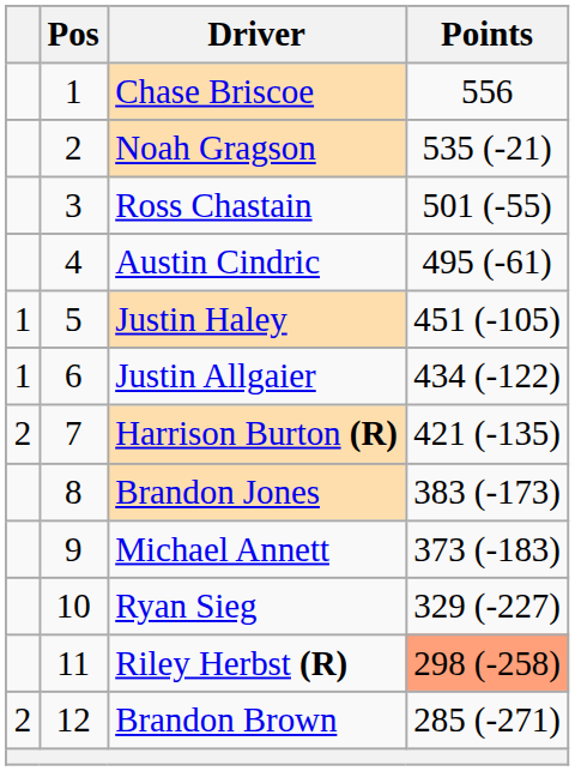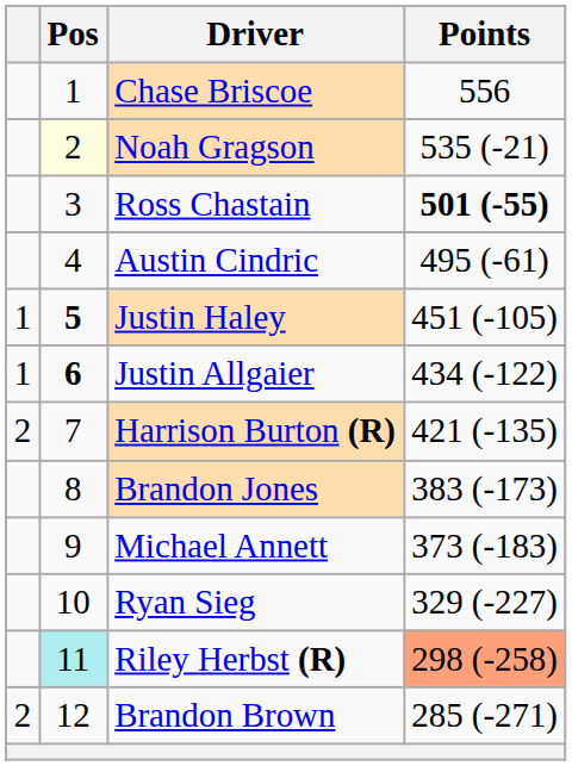 <table class="wikitable" style="font-size: 95%;">
 <tr>
 <th></th>
 <th>Pos</th>
 <th>Driver</th>
 <th>Points</th>
 </tr>
 <tr>
 <td align="left"></td>
 <td style="text-align:center;">1</td>
 <td style="background:#FFDEAD;"><a href='#'>Chase Briscoe</a></td>
 <td style="text-align:center;">556</td>
 </tr>
 <tr>
 <td align="left"></td>
-<td style="text-align:center;">2</td>
+<td style="background: lightyellow; text-align:center;">2</td>
 <td style="background:#FFDEAD;"><a href='#'>Noah Gragson</a></td>
 <td style="text-align:center;">535 (-21)</td>
 </tr>
 <tr>
 <td align="left"></td>
 <td style="text-align:center;">3</td>
 <td><a href='#'>Ross Chastain</a></td>
-<td style="text-align:center;">501 (-55)</td>
+<td style="text-align:center;"><strong>501 (-55)</strong></td>
 </tr>
 <tr>
 <td align="left"></td>
 <td style="text-align:center;">4</td>
 <td><a href='#'>Austin Cindric</a></td>
 <td style="text-align:center;">495 (-61)</td>
 </tr>
 <tr>
 <td align="left"> 1</td>
-<td style="text-align:center;">5</td>
+<td style="text-align:center;"><strong>5</strong></td>
 <td style="background:#FFDEAD;"><a href='#'>Justin Haley</a></td>
 <td style="text-align:center;">451 (-105)</td>
 </tr>
 <tr>
 <td align="left"> 1</td>
-<td style="text-align:center;">6</td>
+<td style="text-align:center;"><strong>6</strong></td>
 <td><a href='#'>Justin Allgaier</a></td>
 <td style="text-align:center;">434 (-122)</td>
 </tr>
 <tr>
 <td align="left"> 2</td>
 <td style="text-align:center;">7</td>
 <td style="background:#FFDEAD;"><a href='#'>Harrison Burton</a> <strong>(R)</strong></td>
 <td style="text-align:center;">421 (-135)</td>
 </tr>
 <tr>
 <td align="left"></td>
 <td style="text-align:center;">8</td>
 <td style="background:#FFDEAD;"><a href='#'>Brandon Jones</a></td>
 <td style="text-align:center;">383 (-173)</td>
 </tr>
 <tr>
 <td align="left"></td>
 <td style="text-align:center;">9</td>
 <td><a href='#'>Michael Annett</a></td>
 <td style="text-align:center;">373 (-183)</td>
 </tr>
 <tr>
 <td align="left"></td>
 <td style="text-align:center;">10</td>
 <td><a href='#'>Ryan Sieg</a></td>
 <td style="text-align:center;">329 (-227)</td>
 </tr>
 <tr>
 <td align="left"></td>
-<td style="text-align:center;">11</td>
+<td style="background: paleturquoise; text-align:center;">11</td>
 <td><a href='#'>Riley Herbst</a> <strong>(R)</strong></td>
 <td style="background: lightsalmon; text-align:center;">298 (-258)</td>
 </tr>
 <tr>
 <td align="left"> 2</td>
 <td style="text-align:center;">12</td>
 <td><a href='#'>Brandon Brown</a></td>
 <td style="text-align:center;">285 (-271)</td>
 </tr>
 <tr class="sortbottom">
 <th colspan="4"></th>
 </tr>
 </table>
